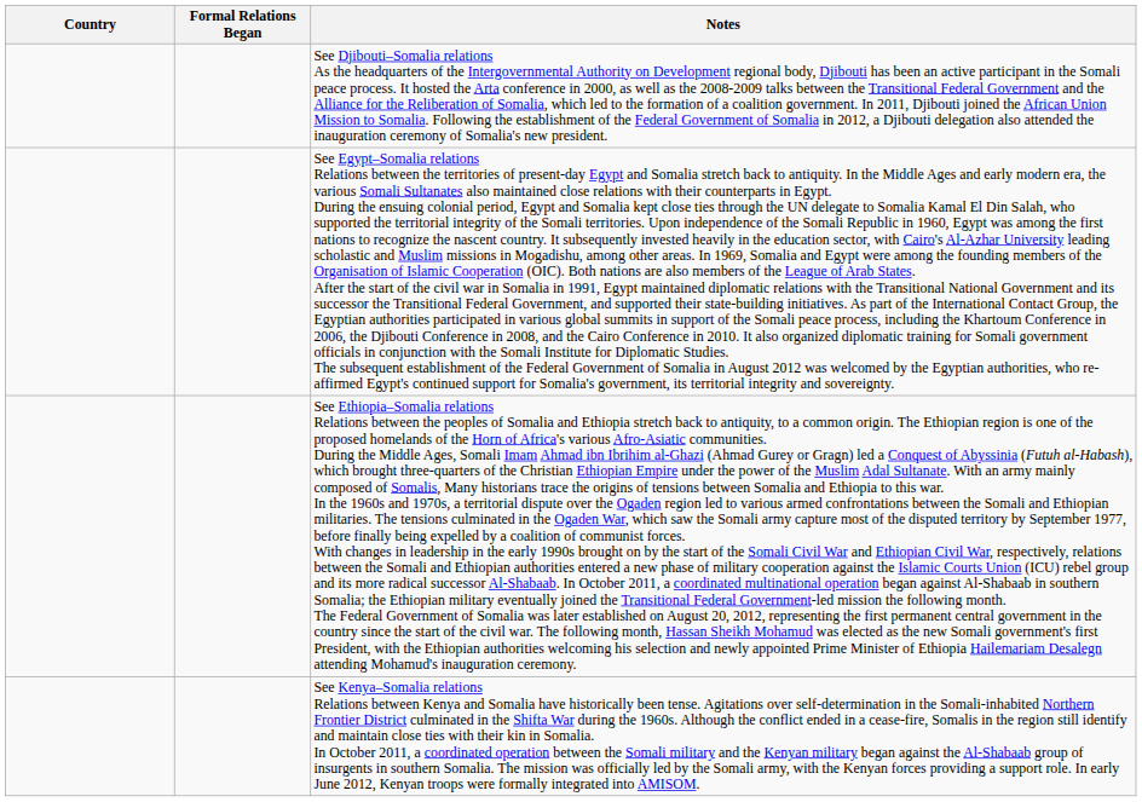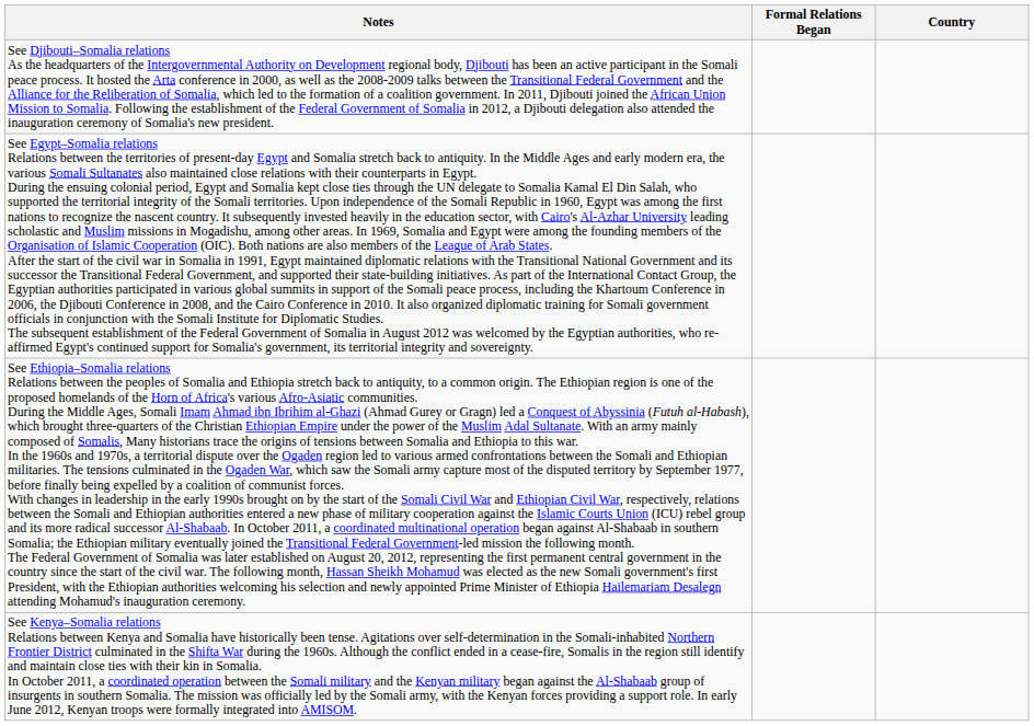 <table class="wikitable sortable" style="width:100%; margin:auto;">
 <tr>
+<th>Notes</th>
+<th style="width:12%;">Formal Relations Began</th>
 <th style="width:15%;">Country</th>
-<th style="width:12%;">Formal Relations Began</th>
-<th>Notes</th>
 </tr>
 <tr valign="top">
+<td>See <a href='#'>Djibouti–Somalia relations</a><br>As the headquarters of the <a href='#'>Intergovernmental Authority on Development</a> regional body, <a href='#'>Djibouti</a> has been an active participant in the Somali peace process. It hosted the <a href='#'>Arta</a> conference in 2000, as well as the 2008-2009 talks between the <a href='#'>Transitional Federal Government</a> and the <a href='#'>Alliance for the Reliberation of Somalia</a>, which led to the formation of a coalition government. In 2011, Djibouti joined the <a href='#'>African Union Mission to Somalia</a>. Following the establishment of the <a href='#'>Federal Government of Somalia</a> in 2012, a Djibouti delegation also attended the inauguration ceremony of Somalia's new president.</td>
 <td></td>
 <td></td>
-<td>See <a href='#'>Djibouti–Somalia relations</a><br>As the headquarters of the <a href='#'>Intergovernmental Authority on Development</a> regional body, <a href='#'>Djibouti</a> has been an active participant in the Somali peace process. It hosted the <a href='#'>Arta</a> conference in 2000, as well as the 2008-2009 talks between the <a href='#'>Transitional Federal Government</a> and the <a href='#'>Alliance for the Reliberation of Somalia</a>, which led to the formation of a coalition government. In 2011, Djibouti joined the <a href='#'>African Union Mission to Somalia</a>. Following the establishment of the <a href='#'>Federal Government of Somalia</a> in 2012, a Djibouti delegation also attended the inauguration ceremony of Somalia's new president.</td>
 </tr>
 <tr valign="top">
+<td>See <a href='#'>Egypt–Somalia relations</a><br>Relations between the territories of present-day <a href='#'>Egypt</a> and Somalia stretch back to antiquity. In the Middle Ages and early modern era, the various <a href='#'>Somali Sultanates</a> also maintained close relations with their counterparts in Egypt.<br>During the ensuing colonial period, Egypt and Somalia kept close ties through the UN delegate to Somalia Kamal El Din Salah, who supported the territorial integrity of the Somali territories. Upon independence of the Somali Republic in 1960, Egypt was among the first nations to recognize the nascent country. It subsequently invested heavily in the education sector, with <a href='#'>Cairo</a>'s <a href='#'>Al-Azhar University</a> leading scholastic and <a href='#'>Muslim</a> missions in Mogadishu, among other areas. In 1969, Somalia and Egypt were among the founding members of the <a href='#'>Organisation of Islamic Cooperation</a> (OIC). Both nations are also members of the <a href='#'>League of Arab States</a>.<br>After the start of the civil war in Somalia in 1991, Egypt maintained diplomatic relations with the Transitional National Government and its successor the Transitional Federal Government, and supported their state-building initiatives. As part of the International Contact Group, the Egyptian authorities participated in various global summits in support of the Somali peace process, including the Khartoum Conference in 2006, the Djibouti Conference in 2008, and the Cairo Conference in 2010. It also organized diplomatic training for Somali government officials in conjunction with the Somali Institute for Diplomatic Studies.<br>The subsequent establishment of the Federal Government of Somalia in August 2012 was welcomed by the Egyptian authorities, who re-affirmed Egypt's continued support for Somalia's government, its territorial integrity and sovereignty.</td>
 <td></td>
 <td></td>
-<td>See <a href='#'>Egypt–Somalia relations</a><br>Relations between the territories of present-day <a href='#'>Egypt</a> and Somalia stretch back to antiquity. In the Middle Ages and early modern era, the various <a href='#'>Somali Sultanates</a> also maintained close relations with their counterparts in Egypt.<br>During the ensuing colonial period, Egypt and Somalia kept close ties through the UN delegate to Somalia Kamal El Din Salah, who supported the territorial integrity of the Somali territories. Upon independence of the Somali Republic in 1960, Egypt was among the first nations to recognize the nascent country. It subsequently invested heavily in the education sector, with <a href='#'>Cairo</a>'s <a href='#'>Al-Azhar University</a> leading scholastic and <a href='#'>Muslim</a> missions in Mogadishu, among other areas. In 1969, Somalia and Egypt were among the founding members of the <a href='#'>Organisation of Islamic Cooperation</a> (OIC). Both nations are also members of the <a href='#'>League of Arab States</a>.<br>After the start of the civil war in Somalia in 1991, Egypt maintained diplomatic relations with the Transitional National Government and its successor the Transitional Federal Government, and supported their state-building initiatives. As part of the International Contact Group, the Egyptian authorities participated in various global summits in support of the Somali peace process, including the Khartoum Conference in 2006, the Djibouti Conference in 2008, and the Cairo Conference in 2010. It also organized diplomatic training for Somali government officials in conjunction with the Somali Institute for Diplomatic Studies.<br>The subsequent establishment of the Federal Government of Somalia in August 2012 was welcomed by the Egyptian authorities, who re-affirmed Egypt's continued support for Somalia's government, its territorial integrity and sovereignty.</td>
 </tr>
 <tr valign="top">
+<td>See <a href='#'>Ethiopia–Somalia relations</a><br>Relations between the peoples of Somalia and Ethiopia stretch back to antiquity, to a common origin. The Ethiopian region is one of the proposed homelands of the <a href='#'>Horn of Africa</a>'s various <a href='#'>Afro-Asiatic</a> communities.<br>During the Middle Ages, Somali <a href='#'>Imam</a> <a href='#'>Ahmad ibn Ibrihim al-Ghazi</a> (Ahmad Gurey or Gragn) led a <a href='#'>Conquest of Abyssinia</a> (<em>Futuh al-Habash</em>), which brought three-quarters of the Christian <a href='#'>Ethiopian Empire</a> under the power of the <a href='#'>Muslim</a> <a href='#'>Adal Sultanate</a>. With an army mainly composed of <a href='#'>Somalis</a>, Many historians trace the origins of tensions between Somalia and Ethiopia to this war.<br>In the 1960s and 1970s, a territorial dispute over the <a href='#'>Ogaden</a> region led to various armed confrontations between the Somali and Ethiopian militaries. The tensions culminated in the <a href='#'>Ogaden War</a>, which saw the Somali army capture most of the disputed territory by September 1977, before finally being expelled by a coalition of communist forces.<br>With changes in leadership in the early 1990s brought on by the start of the <a href='#'>Somali Civil War</a> and <a href='#'>Ethiopian Civil War</a>, respectively, relations between the Somali and Ethiopian authorities entered a new phase of military cooperation against the <a href='#'>Islamic Courts Union</a> (ICU) rebel group and its more radical successor <a href='#'>Al-Shabaab</a>. In October 2011, a <a href='#'>coordinated multinational operation</a> began against Al-Shabaab in southern Somalia; the Ethiopian military eventually joined the <a href='#'>Transitional Federal Government</a>-led mission the following month.<br>The Federal Government of Somalia was later established on August 20, 2012, representing the first permanent central government in the country since the start of the civil war. The following month, <a href='#'>Hassan Sheikh Mohamud</a> was elected as the new Somali government's first President, with the Ethiopian authorities welcoming his selection and newly appointed Prime Minister of Ethiopia <a href='#'>Hailemariam Desalegn</a> attending Mohamud's inauguration ceremony.</td>
 <td></td>
 <td></td>
-<td>See <a href='#'>Ethiopia–Somalia relations</a><br>Relations between the peoples of Somalia and Ethiopia stretch back to antiquity, to a common origin. The Ethiopian region is one of the proposed homelands of the <a href='#'>Horn of Africa</a>'s various <a href='#'>Afro-Asiatic</a> communities.<br>During the Middle Ages, Somali <a href='#'>Imam</a> <a href='#'>Ahmad ibn Ibrihim al-Ghazi</a> (Ahmad Gurey or Gragn) led a <a href='#'>Conquest of Abyssinia</a> (<em>Futuh al-Habash</em>), which brought three-quarters of the Christian <a href='#'>Ethiopian Empire</a> under the power of the <a href='#'>Muslim</a> <a href='#'>Adal Sultanate</a>. With an army mainly composed of <a href='#'>Somalis</a>, Many historians trace the origins of tensions between Somalia and Ethiopia to this war.<br>In the 1960s and 1970s, a territorial dispute over the <a href='#'>Ogaden</a> region led to various armed confrontations between the Somali and Ethiopian militaries. The tensions culminated in the <a href='#'>Ogaden War</a>, which saw the Somali army capture most of the disputed territory by September 1977, before finally being expelled by a coalition of communist forces.<br>With changes in leadership in the early 1990s brought on by the start of the <a href='#'>Somali Civil War</a> and <a href='#'>Ethiopian Civil War</a>, respectively, relations between the Somali and Ethiopian authorities entered a new phase of military cooperation against the <a href='#'>Islamic Courts Union</a> (ICU) rebel group and its more radical successor <a href='#'>Al-Shabaab</a>. In October 2011, a <a href='#'>coordinated multinational operation</a> began against Al-Shabaab in southern Somalia; the Ethiopian military eventually joined the <a href='#'>Transitional Federal Government</a>-led mission the following month.<br>The Federal Government of Somalia was later established on August 20, 2012, representing the first permanent central government in the country since the start of the civil war. The following month, <a href='#'>Hassan Sheikh Mohamud</a> was elected as the new Somali government's first President, with the Ethiopian authorities welcoming his selection and newly appointed Prime Minister of Ethiopia <a href='#'>Hailemariam Desalegn</a> attending Mohamud's inauguration ceremony.</td>
 </tr>
 <tr valign="top">
+<td>See <a href='#'>Kenya–Somalia relations</a><br>Relations between Kenya and Somalia have historically been tense. Agitations over self-determination in the Somali-inhabited <a href='#'>Northern Frontier District</a> culminated in the <a href='#'>Shifta War</a> during the 1960s. Although the conflict ended in a cease-fire, Somalis in the region still identify and maintain close ties with their kin in Somalia.<br>In October 2011, a <a href='#'>coordinated operation</a> between the <a href='#'>Somali military</a> and the <a href='#'>Kenyan military</a> began against the <a href='#'>Al-Shabaab</a> group of insurgents in southern Somalia. The mission was officially led by the Somali army, with the Kenyan forces providing a support role. In early June 2012, Kenyan troops were formally integrated into <a href='#'>AMISOM</a>.</td>
 <td></td>
 <td></td>
-<td>See <a href='#'>Kenya–Somalia relations</a><br>Relations between Kenya and Somalia have historically been tense. Agitations over self-determination in the Somali-inhabited <a href='#'>Northern Frontier District</a> culminated in the <a href='#'>Shifta War</a> during the 1960s. Although the conflict ended in a cease-fire, Somalis in the region still identify and maintain close ties with their kin in Somalia.<br>In October 2011, a <a href='#'>coordinated operation</a> between the <a href='#'>Somali military</a> and the <a href='#'>Kenyan military</a> began against the <a href='#'>Al-Shabaab</a> group of insurgents in southern Somalia. The mission was officially led by the Somali army, with the Kenyan forces providing a support role. In early June 2012, Kenyan troops were formally integrated into <a href='#'>AMISOM</a>.</td>
 </tr>
 </table>
